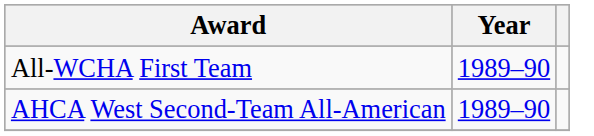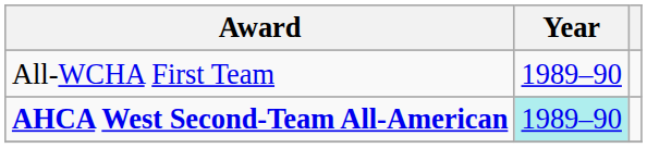 <table class="wikitable">
 <tr>
 <th>Award</th>
 <th>Year</th>
 <th></th>
 </tr>
 <tr>
 <td>All-<a href='#'>WCHA</a> <a href='#'>First Team</a></td>
 <td><a href='#'>1989–90</a></td>
 <td></td>
 </tr>
 <tr>
-<td><a href='#'>AHCA</a> <a href='#'>West Second-Team All-American</a></td>
-<td><a href='#'>1989–90</a></td>
+<td><strong><a href='#'>AHCA</a> <a href='#'>West Second-Team All-American</a></strong></td>
+<td style="background: paleturquoise;"><a href='#'>1989–90</a></td>
 <td></td>
 </tr>
 <tr>
 </tr>
 </table>
